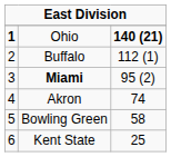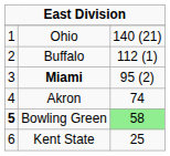 <table class="wikitable">
 <tr align="center">
 <td align="center" Colspan="3"><strong>East Division</strong></td>
 </tr>
 <tr align="center">
 </tr>
 <tr align="center">
-<td><strong>1</strong></td>
+<td>1</td>
 <td>Ohio</td>
-<td><strong>140 (21)</strong></td>
+<td>140 (21)</td>
 </tr>
 <tr align="center">
 <td>2</td>
 <td>Buffalo</td>
 <td>112 (1)</td>
 </tr>
 <tr align="center">
 <td>3</td>
 <td><strong>Miami</strong></td>
 <td>95 (2)</td>
 </tr>
 <tr align="center">
 <td>4</td>
 <td>Akron</td>
 <td>74</td>
 </tr>
 <tr align="center">
-<td>5</td>
+<td><strong>5</strong></td>
 <td>Bowling Green</td>
-<td>58</td>
+<td style="background: lightgreen;">58</td>
 </tr>
 <tr align="center">
 <td>6</td>
 <td>Kent State</td>
 <td>25</td>
 </tr>
 </table>
